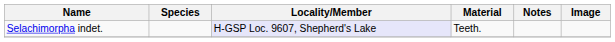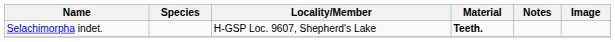 <table class="wikitable" align="center" width="75%">
 <tr>
 <th>Name</th>
 <th>Species</th>
 <th>Locality/Member</th>
 <th>Material</th>
 <th>Notes</th>
 <th>Image</th>
 </tr>
 <tr>
 <td><a href='#'>Selachimorpha</a> indet.</td>
 <td></td>
-<td style="background: lavender;">H-GSP Loc. 9607, Shepherd's Lake</td>
-<td>Teeth.</td>
+<td>H-GSP Loc. 9607, Shepherd's Lake</td>
+<td><strong>Teeth.</strong></td>
 <td></td>
 <td></td>
 </tr>
 <tr>
 </tr>
 </table>
